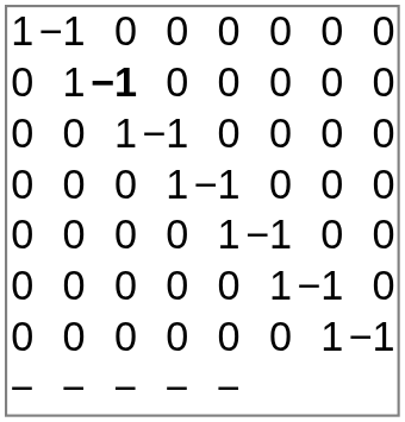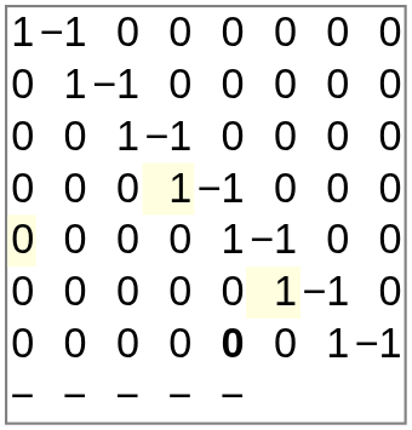 <table style="text-align: right; border: 1px gray solid" cellspacing=0>
 <tr>
 <td>1</td>
 <td>−1</td>
 <td>0</td>
 <td>0</td>
 <td>0</td>
 <td>0</td>
 <td>0</td>
 <td>0</td>
 </tr>
 <tr>
 <td>0</td>
 <td>1</td>
-<td><strong>−1</strong></td>
+<td>−1</td>
 <td>0</td>
 <td>0</td>
 <td>0</td>
 <td>0</td>
 <td>0</td>
 </tr>
 <tr>
 <td>0</td>
 <td>0</td>
 <td>1</td>
 <td>−1</td>
 <td>0</td>
 <td>0</td>
 <td>0</td>
 <td>0</td>
 </tr>
 <tr>
 <td>0</td>
 <td>0</td>
 <td>0</td>
-<td>1</td>
+<td style="background: lightyellow;">1</td>
 <td>−1</td>
 <td>0</td>
 <td>0</td>
 <td>0</td>
 </tr>
 <tr>
-<td>0</td>
+<td style="background: lightyellow;">0</td>
 <td>0</td>
 <td>0</td>
 <td>0</td>
 <td>1</td>
 <td>−1</td>
 <td>0</td>
 <td>0</td>
 </tr>
 <tr>
 <td>0</td>
 <td>0</td>
 <td>0</td>
 <td>0</td>
 <td>0</td>
-<td>1</td>
+<td style="background: lightyellow;">1</td>
 <td>−1</td>
 <td>0</td>
 </tr>
 <tr>
 <td>0</td>
 <td>0</td>
 <td>0</td>
 <td>0</td>
-<td>0</td>
+<td><strong>0</strong></td>
 <td>0</td>
 <td>1</td>
 <td>−1</td>
 </tr>
 <tr>
 <td>−</td>
 <td>−</td>
 <td>−</td>
 <td>−</td>
 <td>−</td>
 <td> </td>
 <td> </td>
 <td> </td>
 </tr>
 </table>
